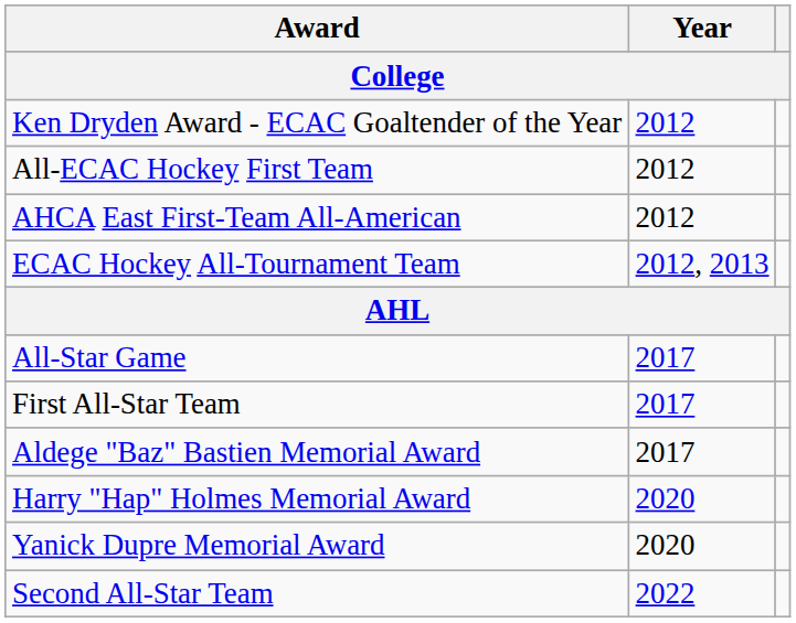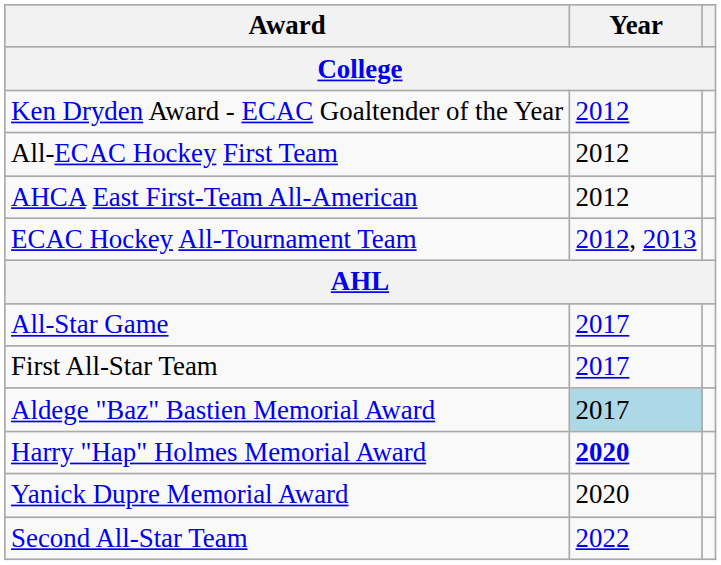 <table class="wikitable">
 <tr>
 <th>Award</th>
 <th>Year</th>
 <th></th>
 </tr>
 <tr>
 <th colspan="3"><a href='#'>College</a></th>
 </tr>
 <tr>
 <td><a href='#'>Ken Dryden</a> Award - <a href='#'>ECAC</a> Goaltender of the Year</td>
 <td><a href='#'>2012</a></td>
 <td></td>
 </tr>
 <tr>
 <td>All-<a href='#'>ECAC Hockey</a> <a href='#'>First Team</a></td>
 <td>2012</td>
 <td></td>
 </tr>
 <tr>
 <td><a href='#'>AHCA</a> <a href='#'>East First-Team All-American</a></td>
 <td>2012</td>
 <td></td>
 </tr>
 <tr>
 <td><a href='#'>ECAC Hockey</a> <a href='#'>All-Tournament Team</a></td>
 <td><a href='#'>2012</a>, <a href='#'>2013</a></td>
 <td></td>
 </tr>
 <tr>
 <th colspan="3"><a href='#'>AHL</a></th>
 </tr>
 <tr>
 <td><a href='#'>All-Star Game</a></td>
 <td><a href='#'>2017</a></td>
 <td></td>
 </tr>
 <tr>
 <td>First All-Star Team</td>
 <td><a href='#'>2017</a></td>
 <td></td>
 </tr>
 <tr>
 <td><a href='#'>Aldege "Baz" Bastien Memorial Award</a></td>
-<td>2017</td>
+<td style="background: lightblue;">2017</td>
 <td></td>
 </tr>
 <tr>
 <td><a href='#'>Harry "Hap" Holmes Memorial Award</a></td>
-<td><a href='#'>2020</a></td>
+<td><strong><a href='#'>2020</a></strong></td>
 <td></td>
 </tr>
 <tr>
 <td><a href='#'>Yanick Dupre Memorial Award</a></td>
 <td>2020</td>
 <td></td>
 </tr>
 <tr>
 <td><a href='#'>Second All-Star Team</a></td>
 <td><a href='#'>2022</a></td>
 <td></td>
 </tr>
 </table>
